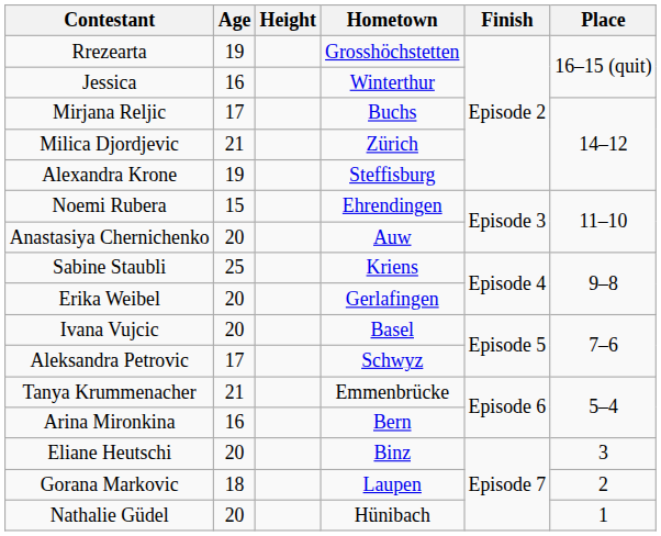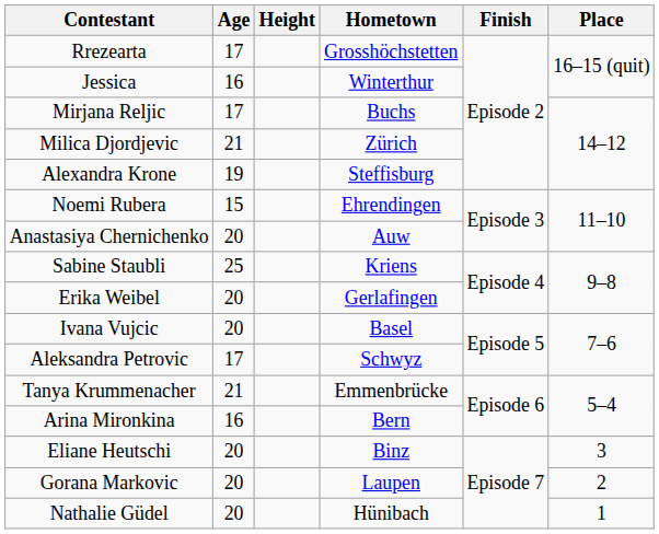 <table class="wikitable sortable" style="text-align:center;">
 <tr>
 <th>Contestant</th>
 <th>Age</th>
 <th>Height</th>
 <th>Hometown</th>
 <th>Finish</th>
 <th>Place</th>
 </tr>
 <tr>
 <td>Rrezearta</td>
-<td>19</td>
+<td>17</td>
 <td></td>
 <td><a href='#'>Grosshöchstetten</a></td>
 <td rowspan="5">Episode 2</td>
 <td rowspan="2">16–15 (quit)</td>
 </tr>
 <tr>
 <td>Jessica</td>
 <td>16</td>
 <td></td>
 <td><a href='#'>Winterthur</a></td>
 </tr>
 <tr>
 <td>Mirjana Reljic</td>
 <td>17</td>
 <td></td>
 <td><a href='#'>Buchs</a></td>
 <td rowspan="3">14–12</td>
 </tr>
 <tr>
 <td>Milica Djordjevic</td>
 <td>21</td>
 <td></td>
 <td><a href='#'>Zürich</a></td>
 </tr>
 <tr>
 <td>Alexandra Krone</td>
 <td>19</td>
 <td></td>
 <td><a href='#'>Steffisburg</a></td>
 </tr>
 <tr>
 <td>Noemi Rubera</td>
 <td>15</td>
 <td></td>
 <td><a href='#'>Ehrendingen</a></td>
 <td rowspan="2">Episode 3</td>
 <td rowspan="2">11–10</td>
 </tr>
 <tr>
 <td>Anastasiya Chernichenko</td>
 <td>20</td>
 <td></td>
 <td><a href='#'>Auw</a></td>
 </tr>
 <tr>
 <td>Sabine Staubli</td>
 <td>25</td>
 <td></td>
 <td><a href='#'>Kriens</a></td>
 <td rowspan="2">Episode 4</td>
 <td rowspan="2">9–8</td>
 </tr>
 <tr>
 <td>Erika Weibel </td>
 <td>20</td>
 <td></td>
 <td><a href='#'>Gerlafingen</a></td>
 </tr>
 <tr>
 <td>Ivana Vujcic</td>
 <td>20</td>
 <td></td>
 <td><a href='#'>Basel</a></td>
 <td rowspan="2">Episode 5</td>
 <td rowspan="2">7–6</td>
 </tr>
 <tr>
 <td>Aleksandra Petrovic</td>
 <td>17</td>
 <td></td>
 <td><a href='#'>Schwyz</a></td>
 </tr>
 <tr>
 <td>Tanya Krummenacher</td>
 <td>21</td>
 <td></td>
 <td>Emmenbrücke</td>
 <td rowspan="2">Episode 6</td>
 <td rowspan="2">5–4</td>
 </tr>
 <tr>
 <td>Arina Mironkina</td>
 <td>16</td>
 <td></td>
 <td><a href='#'>Bern</a></td>
 </tr>
 <tr>
 <td>Eliane Heutschi</td>
 <td>20</td>
 <td></td>
 <td><a href='#'>Binz</a></td>
 <td rowspan="3">Episode 7</td>
 <td>3</td>
 </tr>
 <tr>
 <td>Gorana Markovic</td>
-<td>18</td>
+<td>20</td>
 <td></td>
 <td><a href='#'>Laupen</a></td>
 <td>2</td>
 </tr>
 <tr>
 <td>Nathalie Güdel</td>
 <td>20</td>
 <td></td>
 <td>Hünibach</td>
 <td>1</td>
 </tr>
 </table>
